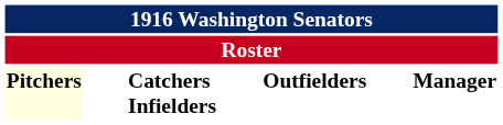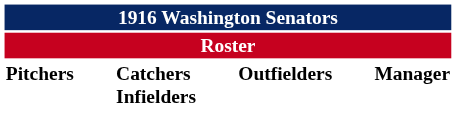 <table class="toccolours" style="font-size: 95%;">
 <tr>
 <th colspan="10" style="background-color: #072764; color: white; text-align: center;">1916 Washington Senators</th>
 </tr>
 <tr>
 <td colspan="10" style="background-color: #c6011f; color: white; text-align: center;"><strong>Roster</strong></td>
 </tr>
 <tr>
-<td valign="top" style="background: lightyellow;"><strong>Pitchers</strong><br>          </td>
+<td valign="top"><strong>Pitchers</strong><br>          </td>
 <td width="25px"></td>
 <td valign="top"><strong>Catchers</strong><br>   <strong>Infielders</strong>       </td>
 <td width="25px"></td>
 <td valign="top"><strong>Outfielders</strong><br>         </td>
 <td width="25px"></td>
 <td valign="top"><strong>Manager</strong><br></td>
 </tr>
 </table>
